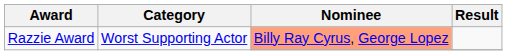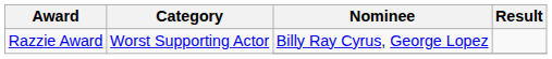 <table class="wikitable">
 <tr>
 <th>Award</th>
 <th>Category</th>
 <th>Nominee</th>
 <th>Result</th>
 </tr>
 <tr>
 <td rowspan=2><a href='#'>Razzie Award</a></td>
 <td rowspan=2><a href='#'>Worst Supporting Actor</a></td>
-<td style="background: lightsalmon;"><a href='#'>Billy Ray Cyrus</a>, <a href='#'>George Lopez</a></td>
+<td><a href='#'>Billy Ray Cyrus</a>, <a href='#'>George Lopez</a></td>
 <td></td>
 </tr>
 <tr>
 </tr>
 </table>
